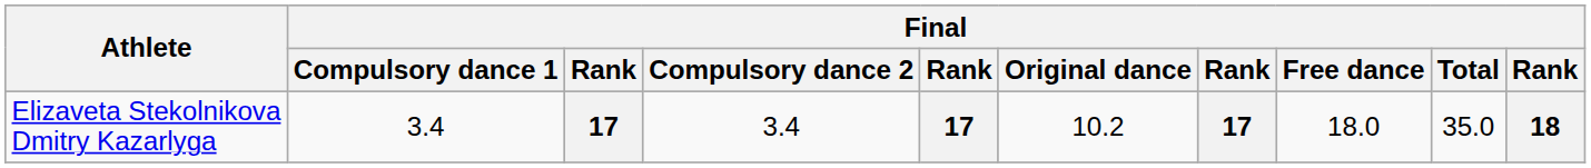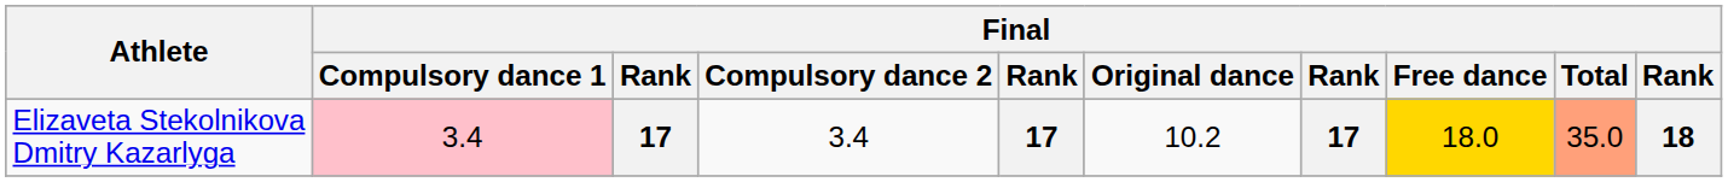 <table class="wikitable" style="font-size:90%">
 <tr>
 <th rowspan="2">Athlete</th>
 <th colspan="9">Final</th>
 </tr>
 <tr>
 <th>Compulsory dance 1</th>
 <th>Rank</th>
 <th>Compulsory dance 2</th>
 <th>Rank</th>
 <th>Original dance</th>
 <th>Rank</th>
 <th>Free dance</th>
 <th>Total</th>
 <th>Rank</th>
 </tr>
 <tr>
 <td><a href='#'>Elizaveta Stekolnikova</a><br><a href='#'>Dmitry Kazarlyga</a></td>
-<td align="center">3.4</td>
+<td align="center" style="background: pink;">3.4</td>
 <th align="center">17</th>
 <td align="center">3.4</td>
 <th align="center">17</th>
 <td align="center">10.2</td>
 <th align="center">17</th>
-<td align="center">18.0</td>
-<td align="center">35.0</td>
+<td align="center" style="background: gold;">18.0</td>
+<td align="center" style="background: lightsalmon;">35.0</td>
 <th align="center">18</th>
 </tr>
 </table>
